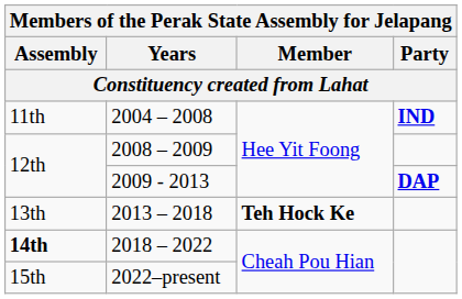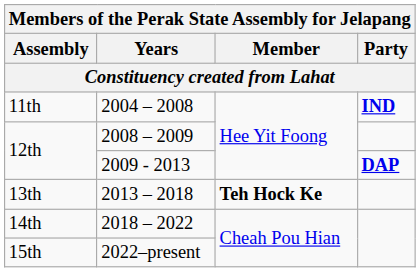 <table class="wikitable">
 <tr>
 <th colspan=4>Members of the Perak State Assembly for Jelapang</th>
 </tr>
 <tr>
 <th>Assembly</th>
 <th>Years</th>
 <th>Member</th>
 <th>Party</th>
 </tr>
 <tr>
 <th colspan="4"><em>Constituency created from Lahat</em></th>
 </tr>
 <tr>
 <td>11th</td>
 <td>2004 – 2008</td>
 <td rowspan="3"><a href='#'>Hee Yit Foong</a></td>
 <td bgcolor=><strong><a href='#'>IND</a></strong></td>
 </tr>
 <tr>
 <td rowspan="2">12th</td>
 <td>2008 – 2009</td>
 <td></td>
 </tr>
 <tr>
 <td>2009 - 2013</td>
 <td><strong><a href='#'>DAP</a></strong></td>
 </tr>
 <tr>
 <td>13th</td>
 <td>2013 – 2018</td>
 <td><strong>Teh Hock Ke</strong></td>
 <td></td>
 </tr>
 <tr>
-<td><strong>14th</strong></td>
+<td>14th</td>
 <td>2018 – 2022</td>
 <td rowspan="2"><a href='#'>Cheah Pou Hian</a></td>
 <td rowspan="2"></td>
 </tr>
 <tr>
 <td>15th</td>
 <td>2022–present</td>
 </tr>
 </table>
